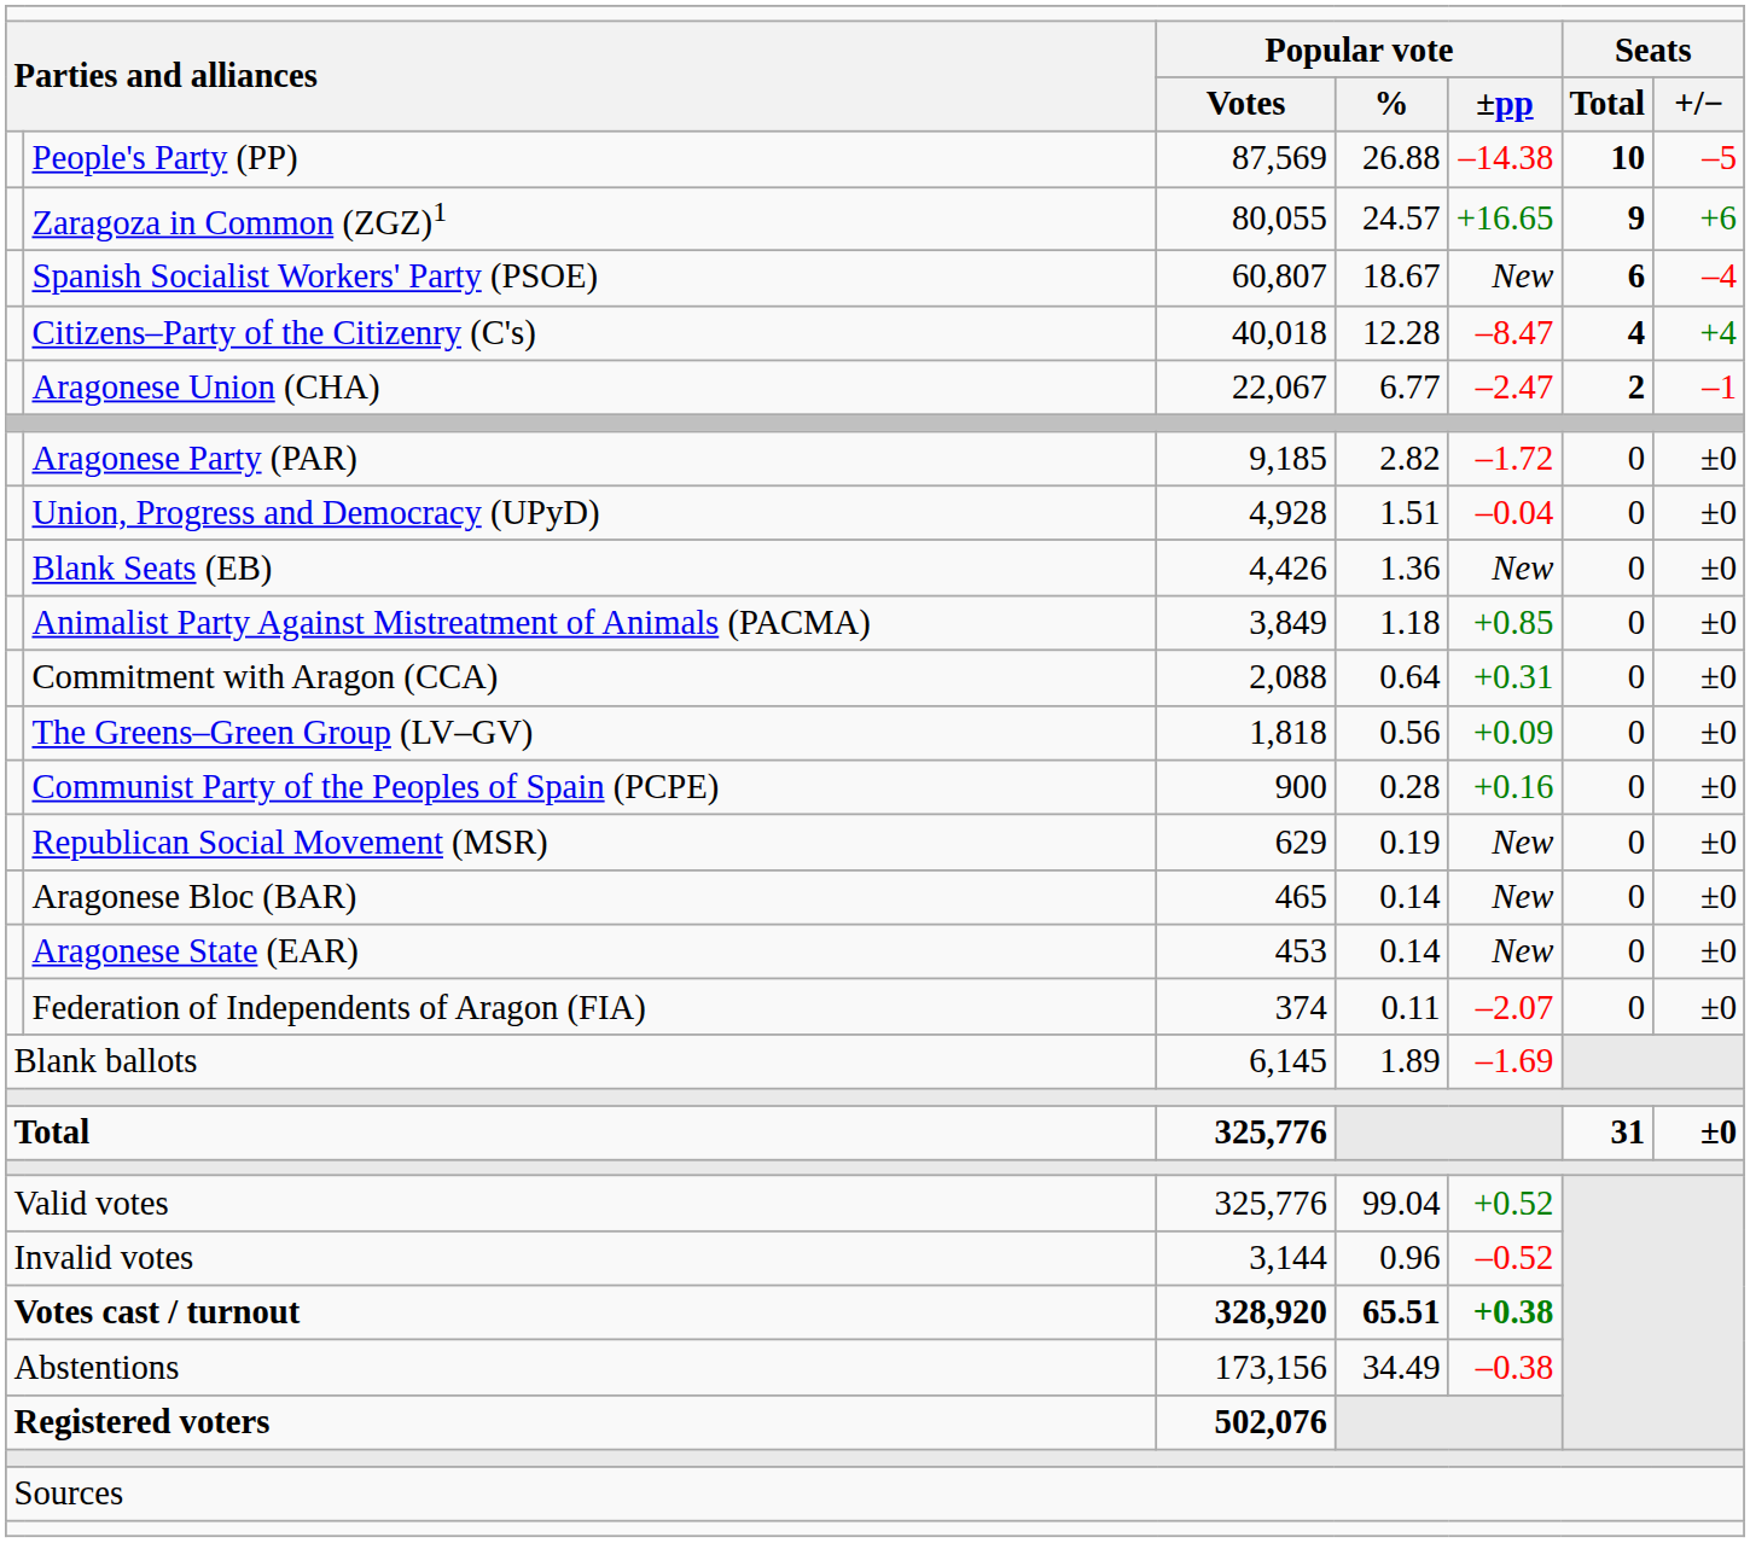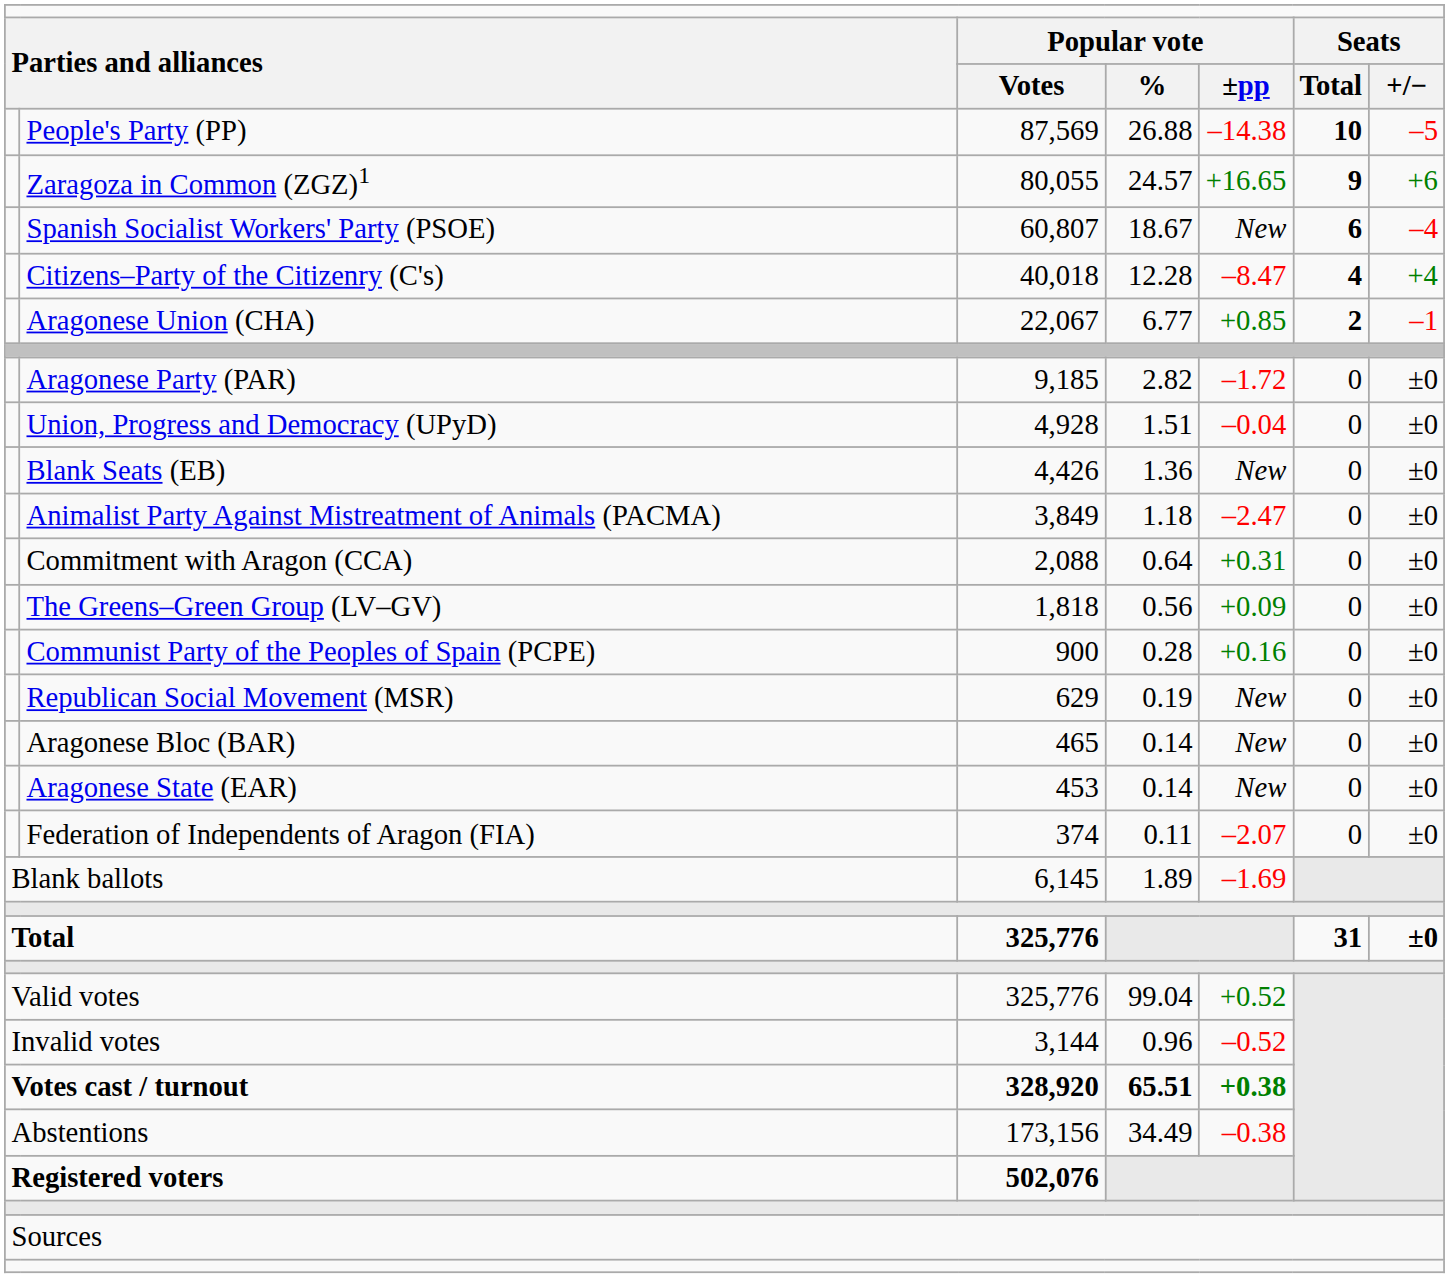 <table class="wikitable" style="text-align:right;">
 <tr>
 <td colspan="7"></td>
 </tr>
 <tr>
 <th style="text-align:left;" rowspan="2" colspan="2" width="525">Parties and alliances</th>
 <th colspan="3">Popular vote</th>
 <th colspan="2">Seats</th>
 </tr>
 <tr>
 <th width="75">Votes</th>
 <th width="45">%</th>
 <th width="45">±<a href='#'>pp</a></th>
 <th width="35">Total</th>
 <th width="35">+/−</th>
 </tr>
 <tr>
 <td width="1" style="color:inherit;background:"></td>
 <td align="left"><a href='#'>People's Party</a> (PP)</td>
 <td>87,569</td>
 <td>26.88</td>
 <td style="color:red;">–14.38</td>
 <td><strong>10</strong></td>
 <td style="color:red;">–5</td>
 </tr>
 <tr>
 <td style="color:inherit;background:"></td>
 <td align="left"><a href='#'>Zaragoza in Common</a> (ZGZ)<sup>1</sup></td>
 <td>80,055</td>
 <td>24.57</td>
 <td style="color:green;">+16.65</td>
 <td><strong>9</strong></td>
 <td style="color:green;">+6</td>
 </tr>
 <tr>
 <td style="color:inherit;background:"></td>
 <td align="left"><a href='#'>Spanish Socialist Workers' Party</a> (PSOE)</td>
 <td>60,807</td>
 <td>18.67</td>
 <td><em>New</em></td>
 <td><strong>6</strong></td>
 <td style="color:red;">–4</td>
 </tr>
 <tr>
 <td style="color:inherit;background:"></td>
 <td align="left"><a href='#'>Citizens–Party of the Citizenry</a> (C's)</td>
 <td>40,018</td>
 <td>12.28</td>
 <td style="color:red;">–8.47</td>
 <td><strong>4</strong></td>
 <td style="color:green;">+4</td>
 </tr>
 <tr>
 <td style="color:inherit;background:"></td>
 <td align="left"><a href='#'>Aragonese Union</a> (CHA)</td>
 <td>22,067</td>
 <td>6.77</td>
-<td style="color:red;">–2.47</td>
+<td style="color:green;">+0.85</td>
 <td><strong>2</strong></td>
 <td style="color:red;">–1</td>
 </tr>
 <tr>
 <td colspan="7" bgcolor="#C0C0C0"></td>
 </tr>
 <tr>
 <td style="color:inherit;background:"></td>
 <td align="left"><a href='#'>Aragonese Party</a> (PAR)</td>
 <td>9,185</td>
 <td>2.82</td>
 <td style="color:red;">–1.72</td>
 <td>0</td>
 <td>±0</td>
 </tr>
 <tr>
 <td style="color:inherit;background:"></td>
 <td align="left"><a href='#'>Union, Progress and Democracy</a> (UPyD)</td>
 <td>4,928</td>
 <td>1.51</td>
 <td style="color:red;">–0.04</td>
 <td>0</td>
 <td>±0</td>
 </tr>
 <tr>
 <td style="color:inherit;background:"></td>
 <td align="left"><a href='#'>Blank Seats</a> (EB)</td>
 <td>4,426</td>
 <td>1.36</td>
 <td><em>New</em></td>
 <td>0</td>
 <td>±0</td>
 </tr>
 <tr>
 <td style="color:inherit;background:"></td>
 <td align="left"><a href='#'>Animalist Party Against Mistreatment of Animals</a> (PACMA)</td>
 <td>3,849</td>
 <td>1.18</td>
-<td style="color:green;">+0.85</td>
+<td style="color:red;">–2.47</td>
 <td>0</td>
 <td>±0</td>
 </tr>
 <tr>
 <td style="color:inherit;background:"></td>
 <td align="left">Commitment with Aragon (CCA)</td>
 <td>2,088</td>
 <td>0.64</td>
 <td style="color:green;">+0.31</td>
 <td>0</td>
 <td>±0</td>
 </tr>
 <tr>
 <td style="color:inherit;background:"></td>
 <td align="left"><a href='#'>The Greens–Green Group</a> (LV–GV)</td>
 <td>1,818</td>
 <td>0.56</td>
 <td style="color:green;">+0.09</td>
 <td>0</td>
 <td>±0</td>
 </tr>
 <tr>
 <td style="color:inherit;background:"></td>
 <td align="left"><a href='#'>Communist Party of the Peoples of Spain</a> (PCPE)</td>
 <td>900</td>
 <td>0.28</td>
 <td style="color:green;">+0.16</td>
 <td>0</td>
 <td>±0</td>
 </tr>
 <tr>
 <td style="color:inherit;background:"></td>
 <td align="left"><a href='#'>Republican Social Movement</a> (MSR)</td>
 <td>629</td>
 <td>0.19</td>
 <td><em>New</em></td>
 <td>0</td>
 <td>±0</td>
 </tr>
 <tr>
 <td style="color:inherit;background:"></td>
 <td align="left">Aragonese Bloc (BAR)</td>
 <td>465</td>
 <td>0.14</td>
 <td><em>New</em></td>
 <td>0</td>
 <td>±0</td>
 </tr>
 <tr>
 <td style="color:inherit;background:"></td>
 <td align="left"><a href='#'>Aragonese State</a> (EAR)</td>
 <td>453</td>
 <td>0.14</td>
 <td><em>New</em></td>
 <td>0</td>
 <td>±0</td>
 </tr>
 <tr>
 <td style="color:inherit;background:"></td>
 <td align="left">Federation of Independents of Aragon (FIA)</td>
 <td>374</td>
 <td>0.11</td>
 <td style="color:red;">–2.07</td>
 <td>0</td>
 <td>±0</td>
 </tr>
 <tr>
 <td align="left" colspan="2">Blank ballots</td>
 <td>6,145</td>
 <td>1.89</td>
 <td style="color:red;">–1.69</td>
 <td bgcolor="#E9E9E9" colspan="2"></td>
 </tr>
 <tr>
 <td colspan="7" bgcolor="#E9E9E9"></td>
 </tr>
 <tr style="font-weight:bold;">
 <td align="left" colspan="2">Total</td>
 <td>325,776</td>
 <td bgcolor="#E9E9E9" colspan="2"></td>
 <td>31</td>
 <td>±0</td>
 </tr>
 <tr>
 <td colspan="7" bgcolor="#E9E9E9"></td>
 </tr>
 <tr>
 <td align="left" colspan="2">Valid votes</td>
 <td>325,776</td>
 <td>99.04</td>
 <td style="color:green;">+0.52</td>
 <td bgcolor="#E9E9E9" colspan="2" rowspan="5"></td>
 </tr>
 <tr>
 <td align="left" colspan="2">Invalid votes</td>
 <td>3,144</td>
 <td>0.96</td>
 <td style="color:red;">–0.52</td>
 </tr>
 <tr style="font-weight:bold;">
 <td align="left" colspan="2">Votes cast / turnout</td>
 <td>328,920</td>
 <td>65.51</td>
 <td style="color:green;">+0.38</td>
 </tr>
 <tr>
 <td align="left" colspan="2">Abstentions</td>
 <td>173,156</td>
 <td>34.49</td>
 <td style="color:red;">–0.38</td>
 </tr>
 <tr style="font-weight:bold;">
 <td align="left" colspan="2">Registered voters</td>
 <td>502,076</td>
 <td bgcolor="#E9E9E9" colspan="2"></td>
 </tr>
 <tr>
 <td colspan="7" bgcolor="#E9E9E9"></td>
 </tr>
 <tr>
 <td align="left" colspan="7">Sources</td>
 </tr>
 <tr>
 <td colspan="7" style="text-align:left; max-width:790px;"></td>
 </tr>
 </table>
